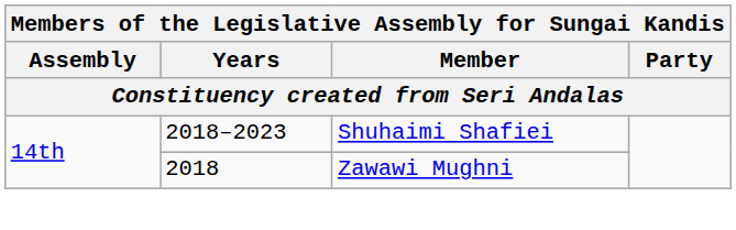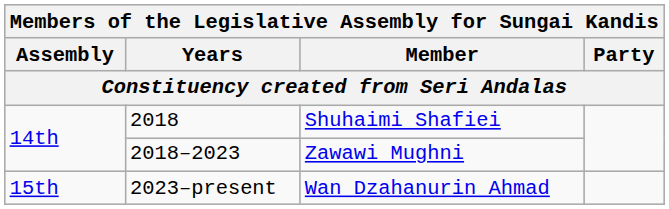 <table class=wikitable>
 <tr>
 <th colspan=4>Members of the Legislative Assembly for Sungai Kandis</th>
 </tr>
 <tr>
 <th>Assembly</th>
 <th>Years</th>
 <th>Member</th>
 <th>Party</th>
 </tr>
 <tr>
 <th colspan=4 align=center><em>Constituency created from Seri Andalas</em></th>
 </tr>
 <tr>
 <td rowspan=2><a href='#'>14th</a></td>
-<td>2018–2023</td>
+<td>2018</td>
 <td><a href='#'>Shuhaimi Shafiei</a></td>
 <td rowspan=2></td>
 </tr>
 <tr>
-<td>2018</td>
+<td>2018–2023</td>
 <td><a href='#'>Zawawi Mughni</a></td>
 </tr>
+<tr>
+<td><a href='#'>15th</a></td>
+<td>2023–present</td>
+<td><a href='#'>Wan Dzahanurin Ahmad</a></td>
+<td></td>
+</tr>
 </table>
